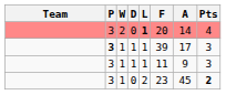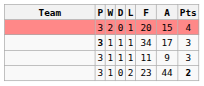 <table class="wikitable" style="text-align:center;">
 <tr>
 <th width="120px">Team</th>
 <th>P</th>
 <th>W</th>
 <th>D</th>
 <th>L</th>
 <th width="23px">F</th>
 <th width="23px">A</th>
 <th width="23px">Pts</th>
 </tr>
 <tr bgcolor="#FF8888">
 <td></td>
 <td>3</td>
 <td>2</td>
 <td>0</td>
-<td><strong>1</strong></td>
+<td>1</td>
 <td>20</td>
-<td>14</td>
+<td>15</td>
 <td>4</td>
 </tr>
 <tr>
 <td></td>
 <td><strong>3</strong></td>
 <td>1</td>
 <td>1</td>
 <td>1</td>
-<td>39</td>
+<td>34</td>
 <td>17</td>
 <td>3</td>
 </tr>
 <tr>
 <td></td>
 <td>3</td>
 <td>1</td>
 <td>1</td>
 <td>1</td>
 <td>11</td>
 <td>9</td>
 <td>3</td>
 </tr>
 <tr>
 <td></td>
 <td>3</td>
 <td>1</td>
 <td>0</td>
 <td>2</td>
 <td>23</td>
-<td>45</td>
+<td>44</td>
 <td><strong>2</strong></td>
 </tr>
 </table>
